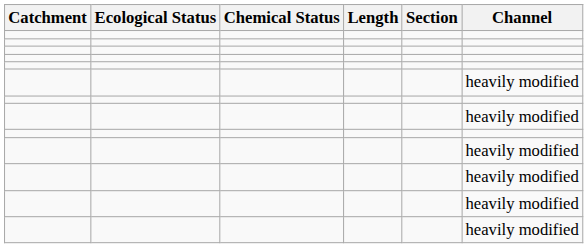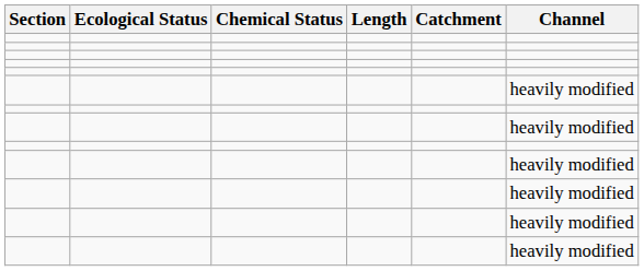 <table class="wikitable">
 <tr>
-<th>Catchment</th>
+<th>Section</th>
 <th>Ecological Status</th>
 <th>Chemical Status</th>
 <th>Length</th>
-<th>Section</th>
+<th>Catchment</th>
 <th>Channel</th>
 </tr>
 <tr>
 <td></td>
 <td></td>
 <td></td>
 <td></td>
 <td></td>
 <td></td>
 </tr>
 <tr>
 <td></td>
 <td></td>
 <td></td>
 <td></td>
 <td></td>
 <td></td>
 </tr>
 <tr>
 <td></td>
 <td></td>
 <td></td>
 <td></td>
 <td></td>
 <td></td>
 </tr>
 <tr>
 <td></td>
 <td></td>
 <td></td>
 <td></td>
 <td></td>
 <td></td>
 </tr>
 <tr>
 <td></td>
 <td></td>
 <td></td>
 <td></td>
 <td></td>
 <td></td>
 </tr>
 <tr>
 <td></td>
 <td></td>
 <td></td>
 <td></td>
 <td></td>
 <td>heavily modified</td>
 </tr>
 <tr>
 <td></td>
 <td></td>
 <td></td>
 <td></td>
 <td></td>
 <td></td>
 </tr>
 <tr>
 <td></td>
 <td></td>
 <td></td>
 <td></td>
 <td></td>
 <td>heavily modified</td>
 </tr>
 <tr>
 <td></td>
 <td></td>
 <td></td>
 <td></td>
 <td></td>
 <td></td>
 </tr>
 <tr>
 <td></td>
 <td></td>
 <td></td>
 <td></td>
 <td></td>
 <td>heavily modified</td>
 </tr>
 <tr>
 <td></td>
 <td></td>
 <td></td>
 <td></td>
 <td></td>
 <td>heavily modified</td>
 </tr>
 <tr>
 <td></td>
 <td></td>
 <td></td>
 <td></td>
 <td></td>
 <td>heavily modified</td>
 </tr>
 <tr>
 <td></td>
 <td></td>
 <td></td>
 <td></td>
 <td></td>
 <td>heavily modified</td>
 </tr>
 </table>
